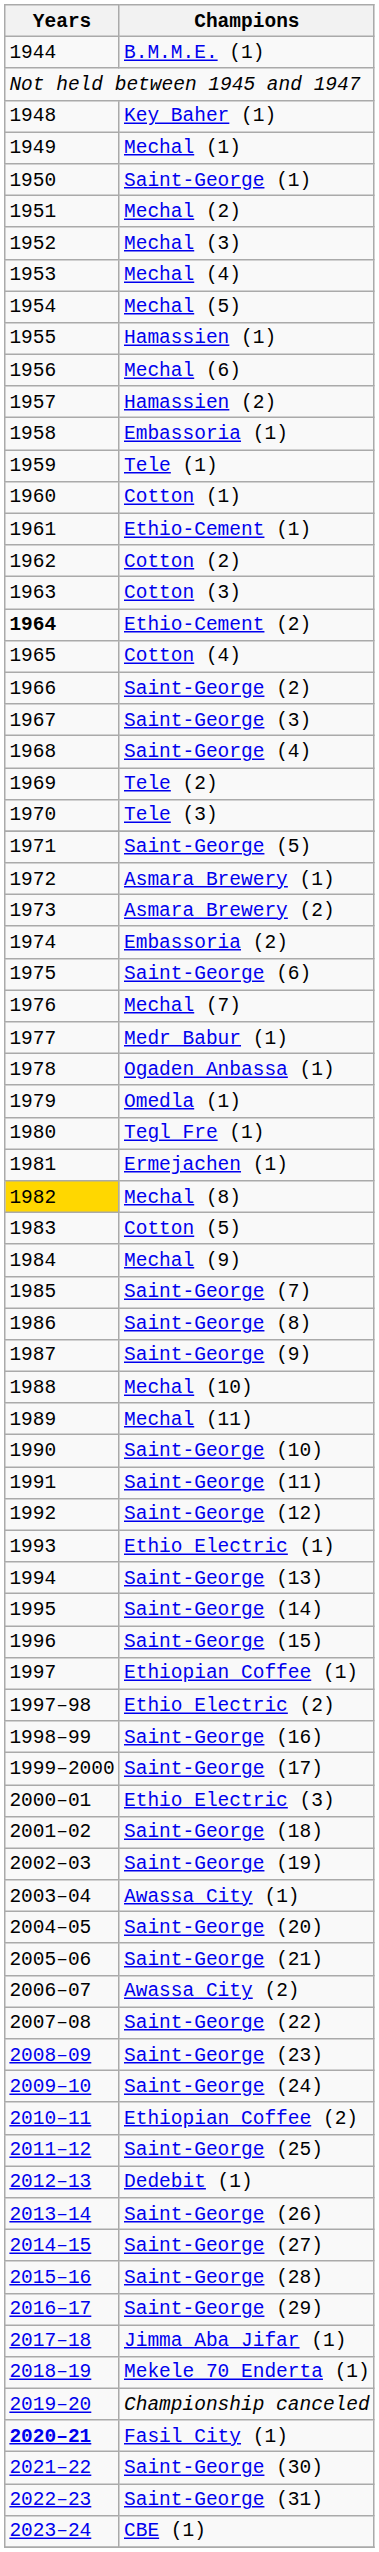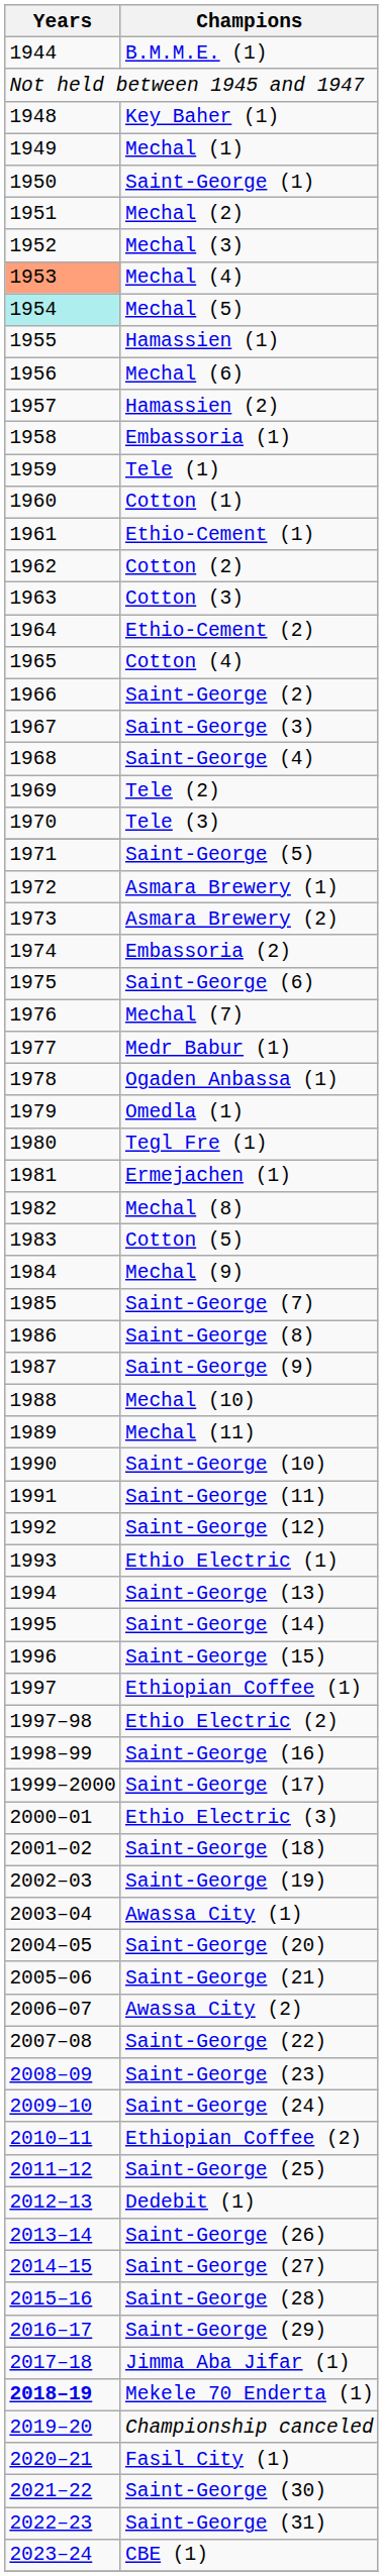 <table class="wikitable">
 <tr>
 <th>Years</th>
 <th>Champions</th>
 </tr>
 <tr>
 <td>1944</td>
 <td><a href='#'>B.M.M.E.</a> (1)</td>
 </tr>
 <tr>
 <td colspan=2><em>Not held between 1945 and 1947</em></td>
 </tr>
 <tr>
 <td>1948</td>
 <td><a href='#'>Key Baher</a> (1)</td>
 </tr>
 <tr>
 <td>1949</td>
 <td><a href='#'>Mechal</a> (1)</td>
 </tr>
 <tr>
 <td>1950</td>
 <td><a href='#'>Saint-George</a> (1)</td>
 </tr>
 <tr>
 <td>1951</td>
 <td><a href='#'>Mechal</a> (2)</td>
 </tr>
 <tr>
 <td>1952</td>
 <td><a href='#'>Mechal</a> (3)</td>
 </tr>
 <tr>
-<td>1953</td>
+<td style="background: lightsalmon;">1953</td>
 <td><a href='#'>Mechal</a> (4)</td>
 </tr>
 <tr>
-<td>1954</td>
+<td style="background: paleturquoise;">1954</td>
 <td><a href='#'>Mechal</a> (5)</td>
 </tr>
 <tr>
 <td>1955</td>
 <td><a href='#'>Hamassien</a> (1)</td>
 </tr>
 <tr>
 <td>1956</td>
 <td><a href='#'>Mechal</a> (6)</td>
 </tr>
 <tr>
 <td>1957</td>
 <td><a href='#'>Hamassien</a> (2)</td>
 </tr>
 <tr>
 <td>1958</td>
 <td><a href='#'>Embassoria</a> (1)</td>
 </tr>
 <tr>
 <td>1959</td>
 <td><a href='#'>Tele</a> (1)</td>
 </tr>
 <tr>
 <td>1960</td>
 <td><a href='#'>Cotton</a> (1)</td>
 </tr>
 <tr>
 <td>1961</td>
 <td><a href='#'>Ethio-Cement</a> (1)</td>
 </tr>
 <tr>
 <td>1962</td>
 <td><a href='#'>Cotton</a> (2)</td>
 </tr>
 <tr>
 <td>1963</td>
 <td><a href='#'>Cotton</a> (3)</td>
 </tr>
 <tr>
-<td><strong>1964</strong></td>
+<td>1964</td>
 <td><a href='#'>Ethio-Cement</a> (2)</td>
 </tr>
 <tr>
 <td>1965</td>
 <td><a href='#'>Cotton</a> (4)</td>
 </tr>
 <tr>
 <td>1966</td>
 <td><a href='#'>Saint-George</a> (2)</td>
 </tr>
 <tr>
 <td>1967</td>
 <td><a href='#'>Saint-George</a> (3)</td>
 </tr>
 <tr>
 <td>1968</td>
 <td><a href='#'>Saint-George</a> (4)</td>
 </tr>
 <tr>
 <td>1969</td>
 <td><a href='#'>Tele</a> (2)</td>
 </tr>
 <tr>
 <td>1970</td>
 <td><a href='#'>Tele</a> (3)</td>
 </tr>
 <tr>
 </tr>
 <tr>
 <td>1971</td>
 <td><a href='#'>Saint-George</a> (5)</td>
 </tr>
 <tr>
 <td>1972</td>
 <td><a href='#'>Asmara Brewery</a> (1)</td>
 </tr>
 <tr>
 <td>1973</td>
 <td><a href='#'>Asmara Brewery</a> (2)</td>
 </tr>
 <tr>
 <td>1974</td>
 <td><a href='#'>Embassoria</a> (2)</td>
 </tr>
 <tr>
 <td>1975</td>
 <td><a href='#'>Saint-George</a> (6)</td>
 </tr>
 <tr>
 <td>1976</td>
 <td><a href='#'>Mechal</a> (7)</td>
 </tr>
 <tr>
 <td>1977</td>
 <td><a href='#'>Medr Babur</a> (1)</td>
 </tr>
 <tr>
 <td>1978</td>
 <td><a href='#'>Ogaden Anbassa</a> (1)</td>
 </tr>
 <tr>
 <td>1979</td>
 <td><a href='#'>Omedla</a> (1)</td>
 </tr>
 <tr>
 <td>1980</td>
 <td><a href='#'>Tegl Fre</a> (1)</td>
 </tr>
 <tr>
 <td>1981</td>
 <td><a href='#'>Ermejachen</a> (1)</td>
 </tr>
 <tr>
-<td style="background: gold;">1982</td>
+<td>1982</td>
 <td><a href='#'>Mechal</a> (8)</td>
 </tr>
 <tr>
 <td>1983</td>
 <td><a href='#'>Cotton</a> (5)</td>
 </tr>
 <tr>
 <td>1984</td>
 <td><a href='#'>Mechal</a> (9)</td>
 </tr>
 <tr>
 <td>1985</td>
 <td><a href='#'>Saint-George</a> (7)</td>
 </tr>
 <tr>
 <td>1986</td>
 <td><a href='#'>Saint-George</a> (8)</td>
 </tr>
 <tr>
 <td>1987</td>
 <td><a href='#'>Saint-George</a> (9)</td>
 </tr>
 <tr>
 <td>1988</td>
 <td><a href='#'>Mechal</a> (10)</td>
 </tr>
 <tr>
 <td>1989</td>
 <td><a href='#'>Mechal</a> (11)</td>
 </tr>
 <tr>
 <td>1990</td>
 <td><a href='#'>Saint-George</a> (10)</td>
 </tr>
 <tr>
 <td>1991</td>
 <td><a href='#'>Saint-George</a> (11)</td>
 </tr>
 <tr>
 <td>1992</td>
 <td><a href='#'>Saint-George</a> (12)</td>
 </tr>
 <tr>
 <td>1993</td>
 <td><a href='#'>Ethio Electric</a> (1)</td>
 </tr>
 <tr>
 <td>1994</td>
 <td><a href='#'>Saint-George</a> (13)</td>
 </tr>
 <tr>
 <td>1995</td>
 <td><a href='#'>Saint-George</a> (14)</td>
 </tr>
 <tr>
 <td>1996</td>
 <td><a href='#'>Saint-George</a> (15)</td>
 </tr>
 <tr>
 <td>1997</td>
 <td><a href='#'>Ethiopian Coffee</a> (1)</td>
 </tr>
 <tr>
 <td>1997–98</td>
 <td><a href='#'>Ethio Electric</a> (2)</td>
 </tr>
 <tr>
 <td>1998–99</td>
 <td><a href='#'>Saint-George</a> (16)</td>
 </tr>
 <tr>
 <td>1999–2000</td>
 <td><a href='#'>Saint-George</a> (17)</td>
 </tr>
 <tr>
 <td>2000–01</td>
 <td><a href='#'>Ethio Electric</a> (3)</td>
 </tr>
 <tr>
 <td>2001–02</td>
 <td><a href='#'>Saint-George</a> (18)</td>
 </tr>
 <tr>
 <td>2002–03</td>
 <td><a href='#'>Saint-George</a> (19)</td>
 </tr>
 <tr>
 <td>2003–04</td>
 <td><a href='#'>Awassa City</a> (1)</td>
 </tr>
 <tr>
 <td>2004–05</td>
 <td><a href='#'>Saint-George</a> (20)</td>
 </tr>
 <tr>
 <td>2005–06</td>
 <td><a href='#'>Saint-George</a> (21)</td>
 </tr>
 <tr>
 <td>2006–07</td>
 <td><a href='#'>Awassa City</a> (2)</td>
 </tr>
 <tr>
 <td>2007–08</td>
 <td><a href='#'>Saint-George</a> (22)</td>
 </tr>
 <tr>
 <td><a href='#'>2008–09</a></td>
 <td><a href='#'>Saint-George</a> (23)</td>
 </tr>
 <tr>
 <td><a href='#'>2009–10</a></td>
 <td><a href='#'>Saint-George</a> (24)</td>
 </tr>
 <tr>
 <td><a href='#'>2010–11</a></td>
 <td><a href='#'>Ethiopian Coffee</a> (2)</td>
 </tr>
 <tr>
 <td><a href='#'>2011–12</a></td>
 <td><a href='#'>Saint-George</a> (25)</td>
 </tr>
 <tr>
 <td><a href='#'>2012–13</a></td>
 <td><a href='#'>Dedebit</a> (1)</td>
 </tr>
 <tr>
 <td><a href='#'>2013–14</a></td>
 <td><a href='#'>Saint-George</a> (26)</td>
 </tr>
 <tr>
 <td><a href='#'>2014–15</a></td>
 <td><a href='#'>Saint-George</a> (27)</td>
 </tr>
 <tr>
 <td><a href='#'>2015–16</a></td>
 <td><a href='#'>Saint-George</a> (28)</td>
 </tr>
 <tr>
 <td><a href='#'>2016–17</a></td>
 <td><a href='#'>Saint-George</a> (29)</td>
 </tr>
 <tr>
 <td><a href='#'>2017–18</a></td>
 <td><a href='#'>Jimma Aba Jifar</a> (1)</td>
 </tr>
 <tr>
-<td><a href='#'>2018–19</a></td>
+<td><strong><a href='#'>2018–19</a></strong></td>
 <td><a href='#'>Mekele 70 Enderta</a> (1)</td>
 </tr>
 <tr>
 <td><a href='#'>2019–20</a></td>
 <td><em>Championship canceled</em></td>
 </tr>
 <tr>
-<td><strong><a href='#'>2020–21</a></strong></td>
+<td><a href='#'>2020–21</a></td>
 <td><a href='#'>Fasil City</a> (1)</td>
 </tr>
 <tr>
 <td><a href='#'>2021–22</a></td>
 <td><a href='#'>Saint-George</a> (30)</td>
 </tr>
 <tr>
 <td><a href='#'>2022–23</a></td>
 <td><a href='#'>Saint-George</a> (31)</td>
 </tr>
 <tr>
 <td><a href='#'>2023–24</a></td>
 <td><a href='#'>CBE</a> (1)</td>
 </tr>
 <tr>
 </tr>
 </table>
